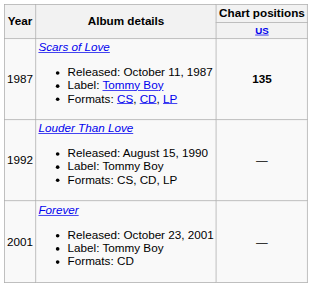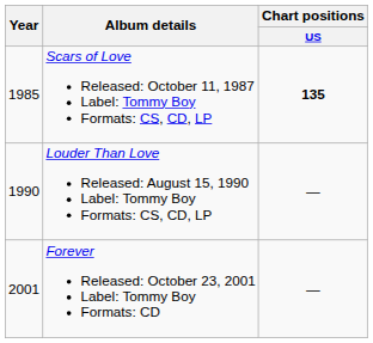 <table class="wikitable">
 <tr>
 <th rowspan="2">Year</th>
 <th rowspan="2">Album details</th>
 <th colspan="2">Chart positions</th>
 </tr>
 <tr style="font-size:smaller;">
 <th><a href='#'>US</a><br></th>
 </tr>
 <tr>
-<td rowspan="1" align="center">1987</td>
+<td rowspan="1" align="center">1985</td>
 <td><em><a href='#'>Scars of Love</a></em><br><ul><li>Released: October 11, 1987</li><li>Label: <a href='#'>Tommy Boy</a></li><li>Formats: <a href='#'>CS</a>, <a href='#'>CD</a>, <a href='#'>LP</a></li></ul></td>
 <td align="center"><strong>135</strong></td>
 </tr>
 <tr>
-<td rowspan="1" align="center">1992</td>
+<td rowspan="1" align="center">1990</td>
 <td><em><a href='#'>Louder Than Love</a></em><br><ul><li>Released: August 15, 1990</li><li>Label: Tommy Boy</li><li>Formats: CS, CD, LP</li></ul></td>
 <td align="center">—</td>
 </tr>
 <tr>
 <td rowspan="1" align="center">2001</td>
 <td><em><a href='#'>Forever</a></em><br><ul><li>Released: October 23, 2001</li><li>Label: Tommy Boy</li><li>Formats: CD</li></ul></td>
 <td align="center">—</td>
 </tr>
 </table>
